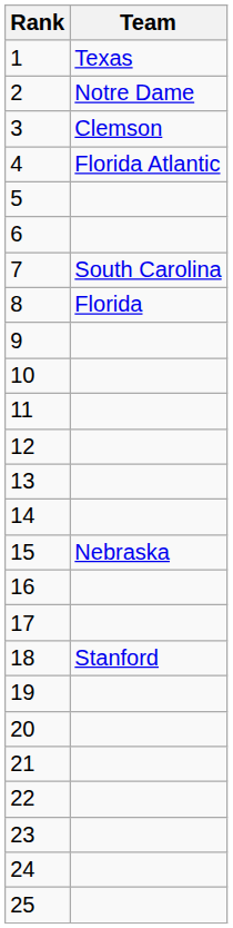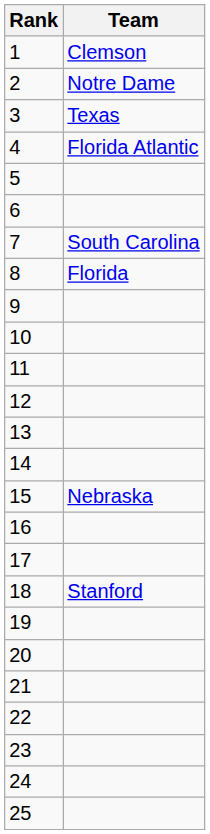 <table class=wikitable>
 <tr>
 <th>Rank</th>
 <th>Team</th>
 </tr>
 <tr>
 <td>1</td>
-<td><a href='#'>Texas</a></td>
+<td><a href='#'>Clemson</a></td>
 </tr>
 <tr>
 <td>2</td>
 <td><a href='#'>Notre Dame</a></td>
 </tr>
 <tr>
 <td>3</td>
-<td><a href='#'>Clemson</a></td>
+<td><a href='#'>Texas</a></td>
 </tr>
 <tr>
 <td>4</td>
 <td><a href='#'>Florida Atlantic</a></td>
 </tr>
 <tr>
 <td>5</td>
 <td></td>
 </tr>
 <tr>
 <td>6</td>
 <td></td>
 </tr>
 <tr>
 <td>7</td>
 <td><a href='#'>South Carolina</a></td>
 </tr>
 <tr>
 <td>8</td>
 <td><a href='#'>Florida</a></td>
 </tr>
 <tr>
 <td>9</td>
 <td></td>
 </tr>
 <tr>
 <td>10</td>
 <td></td>
 </tr>
 <tr>
 <td>11</td>
 <td></td>
 </tr>
 <tr>
 <td>12</td>
 <td></td>
 </tr>
 <tr>
 <td>13</td>
 <td></td>
 </tr>
 <tr>
 <td>14</td>
 <td></td>
 </tr>
 <tr>
 <td>15</td>
 <td><a href='#'>Nebraska</a></td>
 </tr>
 <tr>
 <td>16</td>
 <td></td>
 </tr>
 <tr>
 <td>17</td>
 <td></td>
 </tr>
 <tr>
 <td>18</td>
 <td><a href='#'>Stanford</a></td>
 </tr>
 <tr>
 <td>19</td>
 <td></td>
 </tr>
 <tr>
 <td>20</td>
 <td></td>
 </tr>
 <tr>
 <td>21</td>
 <td></td>
 </tr>
 <tr>
 <td>22</td>
 <td></td>
 </tr>
 <tr>
 <td>23</td>
 <td></td>
 </tr>
 <tr>
 <td>24</td>
 <td></td>
 </tr>
 <tr>
 <td>25</td>
 <td></td>
 </tr>
 </table>
